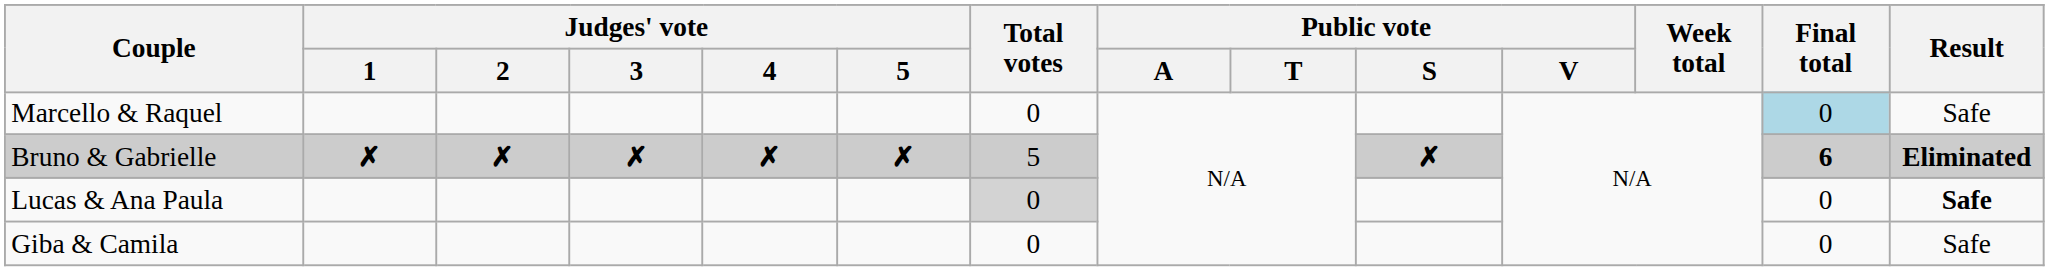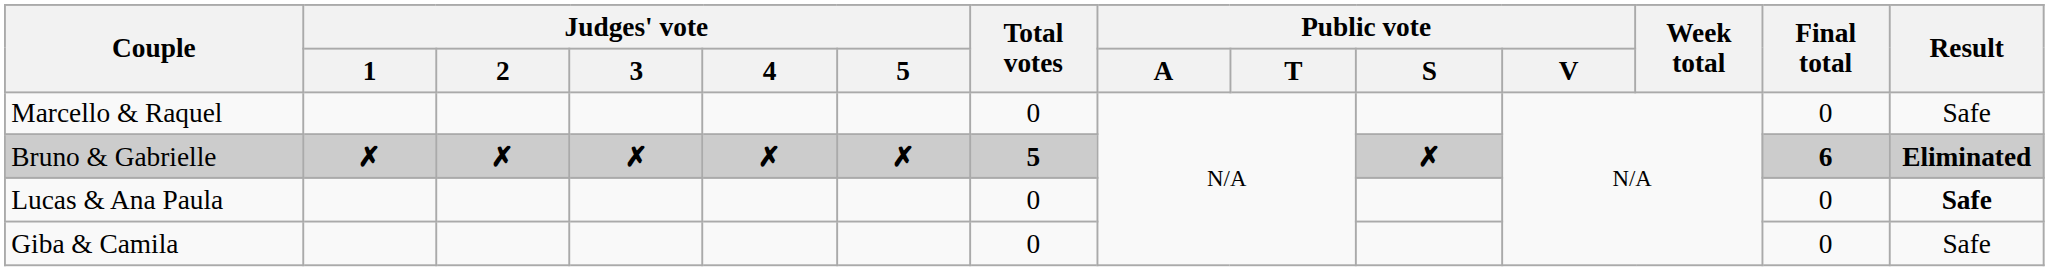 <table class="wikitable" style="font-size:90%; line-height:16px; text-align:center" width="85%">
 <tr>
 <th rowspan=2 width=150>Couple</th>
 <th colspan=5 width=185>Judges' vote</th>
 <th rowspan=2 width=060>Total votes</th>
 <th colspan=4 width=148>Public vote</th>
 <th rowspan=2 width=060>Week total</th>
 <th rowspan=2 width=060>Final total</th>
 <th rowspan=2 width=075>Result</th>
 </tr>
 <tr>
 <th>1</th>
 <th>2</th>
 <th>3</th>
 <th>4</th>
 <th>5</th>
 <th>A</th>
 <th>T</th>
 <th>S</th>
 <th>V</th>
 </tr>
 <tr>
 <td align="left">Marcello & Raquel</td>
 <td></td>
 <td></td>
 <td></td>
 <td></td>
 <td></td>
 <td>0</td>
 <td rowspan=4 colspan=2><small>N/A</small></td>
 <td></td>
 <td rowspan=4 colspan=2><small>N/A</small></td>
-<td style="background: lightblue;">0</td>
+<td>0</td>
 <td>Safe</td>
 </tr>
 <tr bgcolor="CCCCCC">
 <td align="left">Bruno & Gabrielle</td>
 <td><strong>✗</strong></td>
 <td><strong>✗</strong></td>
 <td><strong>✗</strong></td>
 <td><strong>✗</strong></td>
 <td><strong>✗</strong></td>
-<td>5</td>
+<td><strong>5</strong></td>
 <td><strong>✗</strong></td>
 <td><strong>6</strong></td>
 <td><strong>Eliminated</strong></td>
 </tr>
 <tr>
 <td align="left">Lucas & Ana Paula</td>
 <td></td>
 <td></td>
 <td></td>
 <td></td>
 <td></td>
-<td style="background: lightgrey;">0</td>
+<td>0</td>
 <td></td>
 <td>0</td>
 <td><strong>Safe</strong></td>
 </tr>
 <tr>
 <td align="left">Giba & Camila</td>
 <td></td>
 <td></td>
 <td></td>
 <td></td>
 <td></td>
 <td>0</td>
 <td></td>
 <td>0</td>
 <td>Safe</td>
 </tr>
 </table>
